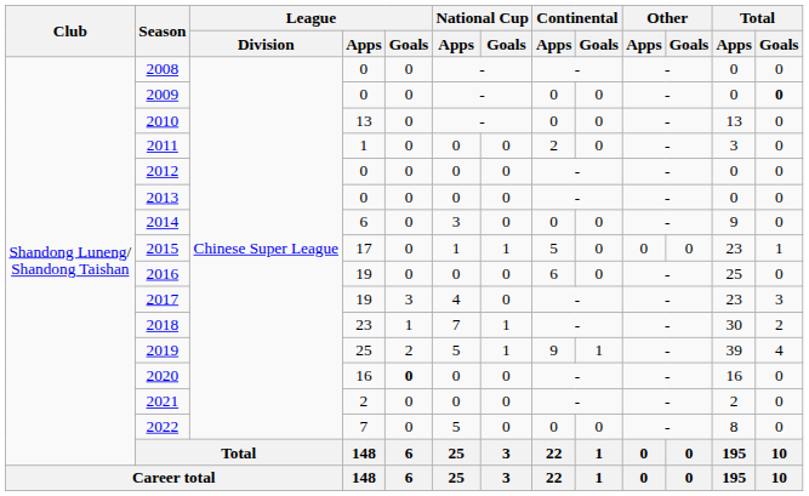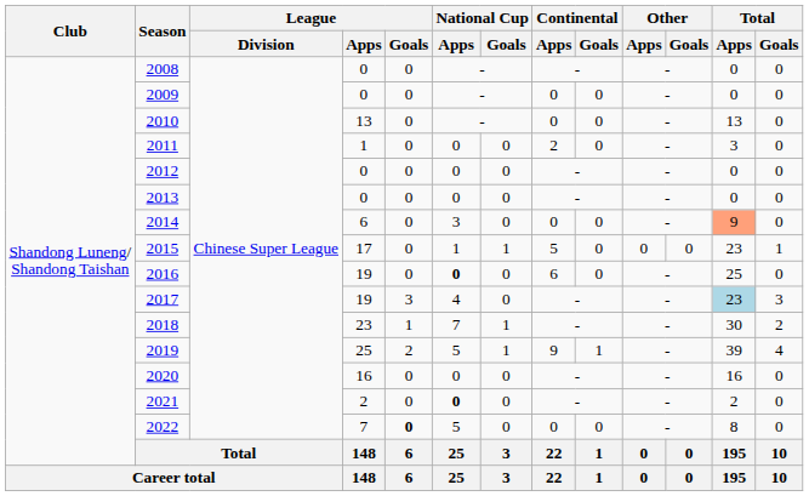 <table class="wikitable" style="text-align: center">
 <tr>
 <th rowspan="2">Club</th>
 <th rowspan="2">Season</th>
 <th colspan="3">League</th>
 <th colspan="2">National Cup</th>
 <th colspan="2">Continental</th>
 <th colspan="2">Other</th>
 <th colspan="2">Total</th>
 </tr>
 <tr>
 <th>Division</th>
 <th>Apps</th>
 <th>Goals</th>
 <th>Apps</th>
 <th>Goals</th>
 <th>Apps</th>
 <th>Goals</th>
 <th>Apps</th>
 <th>Goals</th>
 <th>Apps</th>
 <th>Goals</th>
 </tr>
 <tr>
 <td rowspan=16><a href='#'>Shandong Luneng</a>/<br><a href='#'>Shandong Taishan</a></td>
 <td><a href='#'>2008</a></td>
 <td rowspan=15><a href='#'>Chinese Super League</a></td>
 <td>0</td>
 <td>0</td>
 <td colspan="2">-</td>
 <td colspan="2">-</td>
 <td colspan="2">-</td>
 <td>0</td>
 <td>0</td>
 </tr>
 <tr>
 <td><a href='#'>2009</a></td>
 <td>0</td>
 <td>0</td>
 <td colspan="2">-</td>
 <td>0</td>
 <td>0</td>
 <td colspan="2">-</td>
 <td>0</td>
-<td><strong>0</strong></td>
+<td>0</td>
 </tr>
 <tr>
 <td><a href='#'>2010</a></td>
 <td>13</td>
 <td>0</td>
 <td colspan="2">-</td>
 <td>0</td>
 <td>0</td>
 <td colspan="2">-</td>
 <td>13</td>
 <td>0</td>
 </tr>
 <tr>
 <td><a href='#'>2011</a></td>
 <td>1</td>
 <td>0</td>
 <td>0</td>
 <td>0</td>
 <td>2</td>
 <td>0</td>
 <td colspan="2">-</td>
 <td>3</td>
 <td>0</td>
 </tr>
 <tr>
 <td><a href='#'>2012</a></td>
 <td>0</td>
 <td>0</td>
 <td>0</td>
 <td>0</td>
 <td colspan="2">-</td>
 <td colspan="2">-</td>
 <td>0</td>
 <td>0</td>
 </tr>
 <tr>
 <td><a href='#'>2013</a></td>
 <td>0</td>
 <td>0</td>
 <td>0</td>
 <td>0</td>
 <td colspan="2">-</td>
 <td colspan="2">-</td>
 <td>0</td>
 <td>0</td>
 </tr>
 <tr>
 <td><a href='#'>2014</a></td>
 <td>6</td>
 <td>0</td>
 <td>3</td>
 <td>0</td>
 <td>0</td>
 <td>0</td>
 <td colspan="2">-</td>
-<td>9</td>
+<td style="background: lightsalmon;">9</td>
 <td>0</td>
 </tr>
 <tr>
 <td><a href='#'>2015</a></td>
 <td>17</td>
 <td>0</td>
 <td>1</td>
 <td>1</td>
 <td>5</td>
 <td>0</td>
 <td>0</td>
 <td>0</td>
 <td>23</td>
 <td>1</td>
 </tr>
 <tr>
 <td><a href='#'>2016</a></td>
 <td>19</td>
 <td>0</td>
-<td>0</td>
+<td><strong>0</strong></td>
 <td>0</td>
 <td>6</td>
 <td>0</td>
 <td colspan="2">-</td>
 <td>25</td>
 <td>0</td>
 </tr>
 <tr>
 <td><a href='#'>2017</a></td>
 <td>19</td>
 <td>3</td>
 <td>4</td>
 <td>0</td>
 <td colspan="2">-</td>
 <td colspan="2">-</td>
-<td>23</td>
+<td style="background: lightblue;">23</td>
 <td>3</td>
 </tr>
 <tr>
 <td><a href='#'>2018</a></td>
 <td>23</td>
 <td>1</td>
 <td>7</td>
 <td>1</td>
 <td colspan="2">-</td>
 <td colspan="2">-</td>
 <td>30</td>
 <td>2</td>
 </tr>
 <tr>
 <td><a href='#'>2019</a></td>
 <td>25</td>
 <td>2</td>
 <td>5</td>
 <td>1</td>
 <td>9</td>
 <td>1</td>
 <td colspan="2">-</td>
 <td>39</td>
 <td>4</td>
 </tr>
 <tr>
 <td><a href='#'>2020</a></td>
 <td>16</td>
-<td><strong>0</strong></td>
+<td>0</td>
 <td>0</td>
 <td>0</td>
 <td colspan="2">-</td>
 <td colspan="2">-</td>
 <td>16</td>
 <td>0</td>
 </tr>
 <tr>
 <td><a href='#'>2021</a></td>
 <td>2</td>
 <td>0</td>
-<td>0</td>
+<td><strong>0</strong></td>
 <td>0</td>
 <td colspan="2">-</td>
 <td colspan="2">-</td>
 <td>2</td>
 <td>0</td>
 </tr>
 <tr>
 <td><a href='#'>2022</a></td>
 <td>7</td>
-<td>0</td>
+<td><strong>0</strong></td>
 <td>5</td>
 <td>0</td>
 <td>0</td>
 <td>0</td>
 <td colspan="2">-</td>
 <td>8</td>
 <td>0</td>
 </tr>
 <tr>
 <th colspan=2>Total</th>
 <th>148</th>
 <th>6</th>
 <th>25</th>
 <th>3</th>
 <th>22</th>
 <th>1</th>
 <th>0</th>
 <th>0</th>
 <th>195</th>
 <th>10</th>
 </tr>
 <tr>
 <th colspan=3>Career total</th>
 <th>148</th>
 <th>6</th>
 <th>25</th>
 <th>3</th>
 <th>22</th>
 <th>1</th>
 <th>0</th>
 <th>0</th>
 <th>195</th>
 <th>10</th>
 </tr>
 </table>
